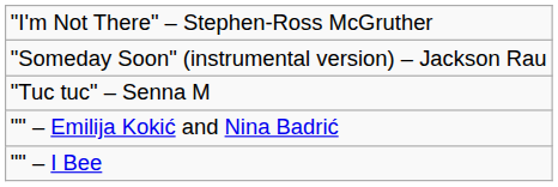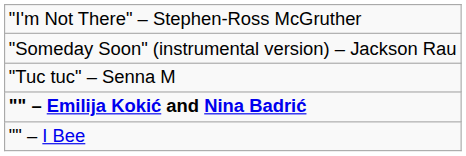 <table class="wikitable mw-collapsible mw-collapsed">
 <tr>
 <td>"I'm Not There" – Stephen-Ross McGruther</td>
 </tr>
 <tr>
 <td>"Someday Soon" (instrumental version) – Jackson Rau</td>
 </tr>
 <tr>
 <td>"Tuc tuc" – Senna M</td>
 </tr>
 <tr>
-<td>"" – <a href='#'>Emilija Kokić</a> and <a href='#'>Nina Badrić</a></td>
+<td><strong>"" – <a href='#'>Emilija Kokić</a> and <a href='#'>Nina Badrić</a></strong></td>
 </tr>
 <tr>
 <td>"" – <a href='#'>I Bee</a></td>
 </tr>
 </table>
